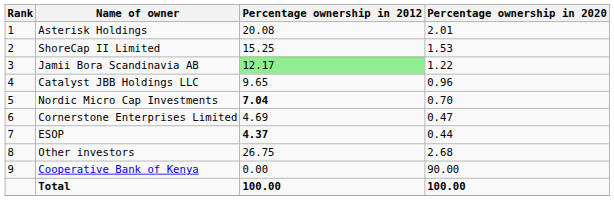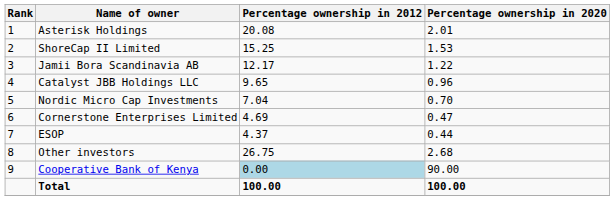 <table class="wikitable sortable" style="margin-left:auto;margin-right:auto">
 <tr>
 <th style="width:2em;">Rank</th>
 <th>Name of owner</th>
 <th>Percentage ownership in 2012</th>
 <th>Percentage ownership in 2020</th>
 </tr>
 <tr>
 <td>1</td>
 <td>Asterisk Holdings</td>
 <td>20.08</td>
 <td>2.01</td>
 </tr>
 <tr>
 <td>2</td>
 <td>ShoreCap II Limited</td>
 <td>15.25</td>
 <td>1.53</td>
 </tr>
 <tr>
 <td>3</td>
 <td>Jamii Bora Scandinavia AB</td>
-<td style="background: lightgreen;">12.17</td>
+<td>12.17</td>
 <td>1.22</td>
 </tr>
 <tr>
 <td>4</td>
 <td>Catalyst JBB Holdings LLC</td>
 <td>9.65</td>
 <td>0.96</td>
 </tr>
 <tr>
 <td>5</td>
 <td>Nordic Micro Cap Investments</td>
-<td><strong>7.04</strong></td>
+<td>7.04</td>
 <td>0.70</td>
 </tr>
 <tr>
 <td>6</td>
 <td>Cornerstone Enterprises Limited</td>
 <td>4.69</td>
 <td>0.47</td>
 </tr>
 <tr>
 <td>7</td>
 <td>ESOP</td>
-<td><strong>4.37</strong></td>
+<td>4.37</td>
 <td>0.44</td>
 </tr>
 <tr>
 <td>8</td>
 <td>Other investors</td>
 <td>26.75</td>
 <td>2.68</td>
 </tr>
 <tr>
 <td>9</td>
 <td><a href='#'>Cooperative Bank of Kenya</a></td>
-<td>0.00</td>
+<td style="background: lightblue;">0.00</td>
 <td>90.00</td>
 </tr>
 <tr>
 <td></td>
 <td><strong>Total</strong></td>
 <td><strong>100.00</strong></td>
 <td><strong>100.00</strong></td>
 </tr>
 <tr>
 </tr>
 </table>
